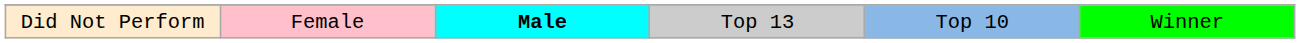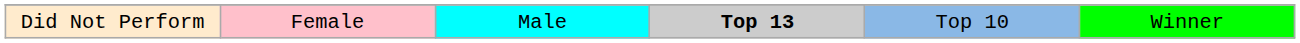 <table class="wikitable" style="margin:1em auto; text-align:center;">
 <tr>
 </tr>
 <tr>
 <td style="background:#FFEBCD;" width="15%">Did Not Perform</td>
 <td style="background:pink;" width="15%">Female</td>
-<td style="background:cyan;" width="15%"><strong>Male</strong></td>
-<td style="background:#CCCCCC;" width="15%">Top 13</td>
+<td style="background:cyan;" width="15%">Male</td>
+<td style="background:#CCCCCC;" width="15%"><strong>Top 13</strong></td>
 <td style="background:#8AB8E6;" width="15%">Top 10</td>
 <td style="background:lime;" width="15%">Winner</td>
 </tr>
 </table>
